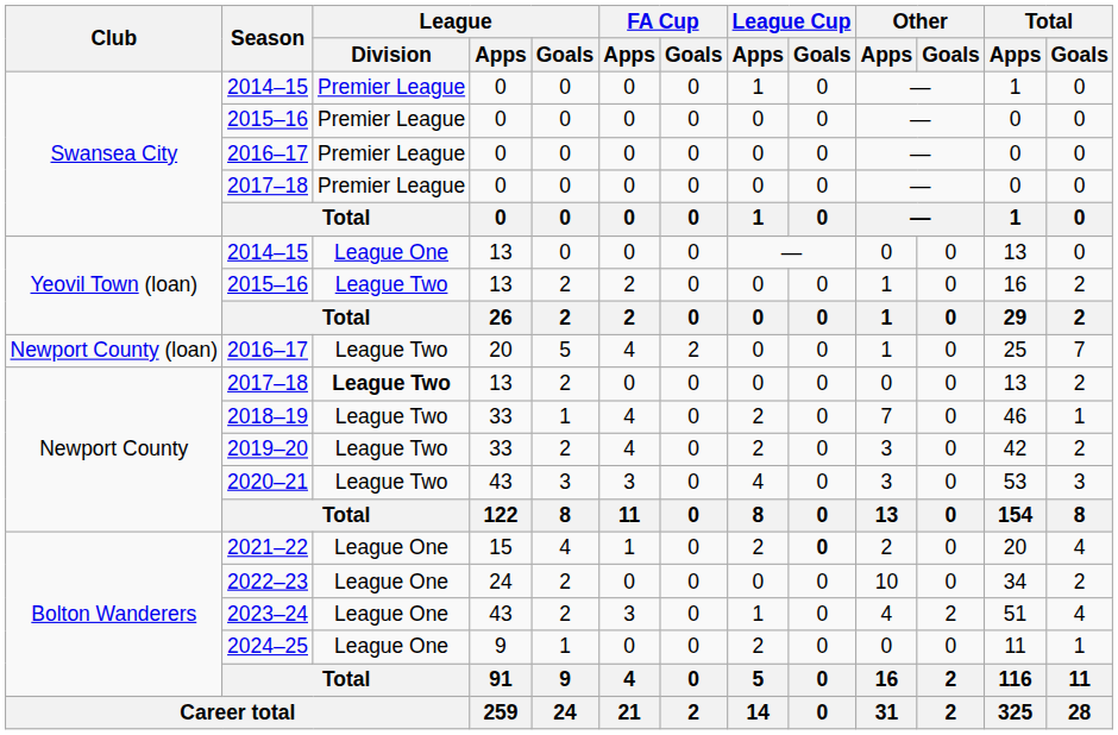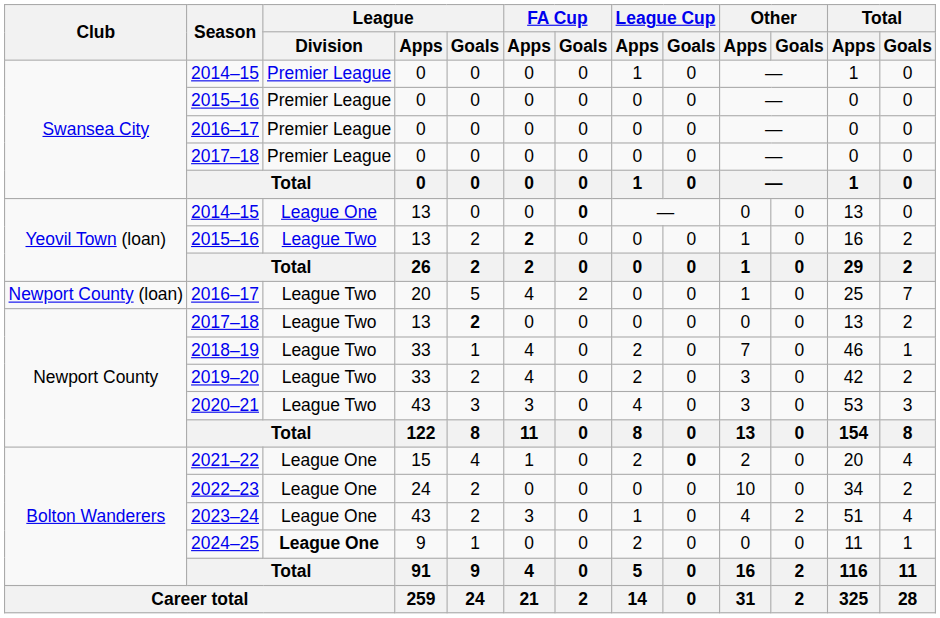 <table class=wikitable style=text-align:center>
 <tr>
 <th rowspan="2">Club</th>
 <th rowspan="2">Season</th>
 <th colspan="3">League</th>
 <th colspan="2"><a href='#'>FA Cup</a></th>
 <th colspan="2"><a href='#'>League Cup</a></th>
 <th colspan="2">Other</th>
 <th colspan="2">Total</th>
 </tr>
 <tr>
 <th>Division</th>
 <th>Apps</th>
 <th>Goals</th>
 <th>Apps</th>
 <th>Goals</th>
 <th>Apps</th>
 <th>Goals</th>
 <th>Apps</th>
 <th>Goals</th>
 <th>Apps</th>
 <th>Goals</th>
 </tr>
 <tr>
 <td rowspan="5"><a href='#'>Swansea City</a></td>
 <td><a href='#'>2014–15</a></td>
 <td><a href='#'>Premier League</a></td>
 <td>0</td>
 <td>0</td>
 <td>0</td>
 <td>0</td>
 <td>1</td>
 <td>0</td>
 <td colspan="2">—</td>
 <td>1</td>
 <td>0</td>
 </tr>
 <tr>
 <td><a href='#'>2015–16</a></td>
 <td>Premier League</td>
 <td>0</td>
 <td>0</td>
 <td>0</td>
 <td>0</td>
 <td>0</td>
 <td>0</td>
 <td colspan="2">—</td>
 <td>0</td>
 <td>0</td>
 </tr>
 <tr>
 <td><a href='#'>2016–17</a></td>
 <td>Premier League</td>
 <td>0</td>
 <td>0</td>
 <td>0</td>
 <td>0</td>
 <td>0</td>
 <td>0</td>
 <td colspan="2">—</td>
 <td>0</td>
 <td>0</td>
 </tr>
 <tr>
 <td><a href='#'>2017–18</a></td>
 <td>Premier League</td>
 <td>0</td>
 <td>0</td>
 <td>0</td>
 <td>0</td>
 <td>0</td>
 <td>0</td>
 <td colspan="2">—</td>
 <td>0</td>
 <td>0</td>
 </tr>
 <tr>
 <th colspan="2">Total</th>
 <th>0</th>
 <th>0</th>
 <th>0</th>
 <th>0</th>
 <th>1</th>
 <th>0</th>
 <th colspan="2">—</th>
 <th>1</th>
 <th>0</th>
 </tr>
 <tr>
 <td rowspan="3"><a href='#'>Yeovil Town</a> (loan)</td>
 <td><a href='#'>2014–15</a></td>
 <td><a href='#'>League One</a></td>
 <td>13</td>
 <td>0</td>
 <td>0</td>
-<td>0</td>
+<td><strong>0</strong></td>
 <td colspan="2">—</td>
 <td>0</td>
 <td>0</td>
 <td>13</td>
 <td>0</td>
 </tr>
 <tr>
 <td><a href='#'>2015–16</a></td>
 <td><a href='#'>League Two</a></td>
 <td>13</td>
 <td>2</td>
-<td>2</td>
+<td><strong>2</strong></td>
 <td>0</td>
 <td>0</td>
 <td>0</td>
 <td>1</td>
 <td>0</td>
 <td>16</td>
 <td>2</td>
 </tr>
 <tr>
 <th colspan="2">Total</th>
 <th>26</th>
 <th>2</th>
 <th>2</th>
 <th>0</th>
 <th>0</th>
 <th>0</th>
 <th>1</th>
 <th>0</th>
 <th>29</th>
 <th>2</th>
 </tr>
 <tr>
 <td><a href='#'>Newport County</a> (loan)</td>
 <td><a href='#'>2016–17</a></td>
 <td>League Two</td>
 <td>20</td>
 <td>5</td>
 <td>4</td>
 <td>2</td>
 <td>0</td>
 <td>0</td>
 <td>1</td>
 <td>0</td>
 <td>25</td>
 <td>7</td>
 </tr>
 <tr>
 <td rowspan="5">Newport County</td>
 <td><a href='#'>2017–18</a></td>
-<td><strong>League Two</strong></td>
+<td>League Two</td>
 <td>13</td>
-<td>2</td>
+<td><strong>2</strong></td>
 <td>0</td>
 <td>0</td>
 <td>0</td>
 <td>0</td>
 <td>0</td>
 <td>0</td>
 <td>13</td>
 <td>2</td>
 </tr>
 <tr>
 <td><a href='#'>2018–19</a></td>
 <td>League Two</td>
 <td>33</td>
 <td>1</td>
 <td>4</td>
 <td>0</td>
 <td>2</td>
 <td>0</td>
 <td>7</td>
 <td>0</td>
 <td>46</td>
 <td>1</td>
 </tr>
 <tr>
 <td><a href='#'>2019–20</a></td>
 <td>League Two</td>
 <td>33</td>
 <td>2</td>
 <td>4</td>
 <td>0</td>
 <td>2</td>
 <td>0</td>
 <td>3</td>
 <td>0</td>
 <td>42</td>
 <td>2</td>
 </tr>
 <tr>
 <td><a href='#'>2020–21</a></td>
 <td>League Two</td>
 <td>43</td>
 <td>3</td>
 <td>3</td>
 <td>0</td>
 <td>4</td>
 <td>0</td>
 <td>3</td>
 <td>0</td>
 <td>53</td>
 <td>3</td>
 </tr>
 <tr>
 <th colspan="2">Total</th>
 <th>122</th>
 <th>8</th>
 <th>11</th>
 <th>0</th>
 <th>8</th>
 <th>0</th>
 <th>13</th>
 <th>0</th>
 <th>154</th>
 <th>8</th>
 </tr>
 <tr>
 <td rowspan="5"><a href='#'>Bolton Wanderers</a></td>
 <td><a href='#'>2021–22</a></td>
 <td>League One</td>
 <td>15</td>
 <td>4</td>
 <td>1</td>
 <td>0</td>
 <td>2</td>
 <td><strong>0</strong></td>
 <td>2</td>
 <td>0</td>
 <td>20</td>
 <td>4</td>
 </tr>
 <tr>
 <td><a href='#'>2022–23</a></td>
 <td>League One</td>
 <td>24</td>
 <td>2</td>
 <td>0</td>
 <td>0</td>
 <td>0</td>
 <td>0</td>
 <td>10</td>
 <td>0</td>
 <td>34</td>
 <td>2</td>
 </tr>
 <tr>
 <td><a href='#'>2023–24</a></td>
 <td>League One</td>
 <td>43</td>
 <td>2</td>
 <td>3</td>
 <td>0</td>
 <td>1</td>
 <td>0</td>
 <td>4</td>
 <td>2</td>
 <td>51</td>
 <td>4</td>
 </tr>
 <tr>
 <td><a href='#'>2024–25</a></td>
-<td>League One</td>
+<td><strong>League One</strong></td>
 <td>9</td>
 <td>1</td>
 <td>0</td>
 <td>0</td>
 <td>2</td>
 <td>0</td>
 <td>0</td>
 <td>0</td>
 <td>11</td>
 <td>1</td>
 </tr>
 <tr>
 <th colspan="2">Total</th>
 <th>91</th>
 <th>9</th>
 <th>4</th>
 <th>0</th>
 <th>5</th>
 <th>0</th>
 <th>16</th>
 <th>2</th>
 <th>116</th>
 <th>11</th>
 </tr>
 <tr>
 <th colspan="3">Career total</th>
 <th>259</th>
 <th>24</th>
 <th>21</th>
 <th>2</th>
 <th>14</th>
 <th>0</th>
 <th>31</th>
 <th>2</th>
 <th>325</th>
 <th>28</th>
 </tr>
 </table>
